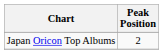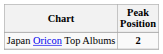 <table class="wikitable sortable">
 <tr>
 <th>Chart</th>
 <th>Peak<br>Position</th>
 </tr>
 <tr>
 </tr>
 <tr>
 <td>Japan <a href='#'>Oricon</a> Top Albums</td>
-<td align="center">2</td>
+<td align="center"><strong>2</strong></td>
 </tr>
 <tr>
 </tr>
 <tr>
 </tr>
 <tr>
 </tr>
 </table>
